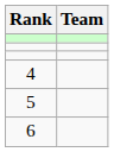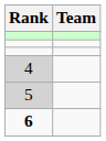 <table class=wikitable style="text-align:center">
 <tr>
 <th>Rank</th>
 <th>Team</th>
 </tr>
 <tr bgcolor=#ccffcc>
 <td></td>
 <td align=left></td>
 </tr>
 <tr>
 <td></td>
 <td align=left></td>
 </tr>
 <tr>
 <td></td>
 <td align=left></td>
 </tr>
 <tr>
-<td>4</td>
+<td style="background: lightgrey;">4</td>
 <td align=left></td>
 </tr>
 <tr>
-<td>5</td>
+<td style="background: lightgrey;">5</td>
 <td align=left></td>
 </tr>
 <tr>
-<td>6</td>
+<td><strong>6</strong></td>
 <td align=left></td>
 </tr>
 </table>
